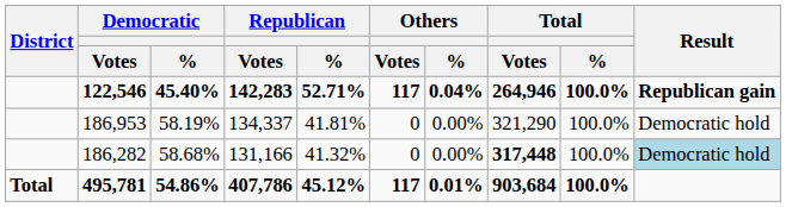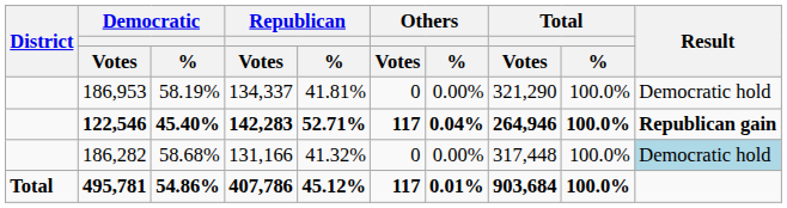 <table class="wikitable plainrowheaders sortable" style="font-size:100%; text-align:right;">
 <tr>
 <th scope=col rowspan=3><a href='#'>District</a></th>
 <th scope=col colspan=2><a href='#'>Democratic</a></th>
 <th scope=col colspan=2><a href='#'>Republican</a></th>
 <th scope=col colspan=2>Others</th>
 <th scope=col colspan=2>Total</th>
 <th scope=col rowspan=3>Result</th>
 </tr>
 <tr>
 <th scope=col colspan=2 style="background:"></th>
 <th scope=col colspan=2 style="background:"></th>
 <th scope=col colspan=2></th>
 <th scope=col colspan=2></th>
 </tr>
 <tr>
 <th scope=col data-sort-type="number">Votes</th>
 <th scope=col data-sort-type="number">%</th>
 <th scope=col data-sort-type="number">Votes</th>
 <th scope=col data-sort-type="number">%</th>
 <th scope=col data-sort-type="number">Votes</th>
 <th scope=col data-sort-type="number">%</th>
 <th scope=col data-sort-type="number">Votes</th>
 <th scope=col data-sort-type="number">%</th>
 </tr>
 <tr>
+<td align=left></td>
+<td>186,953</td>
+<td>58.19%</td>
+<td>134,337</td>
+<td>41.81%</td>
+<td>0</td>
+<td>0.00%</td>
+<td>321,290</td>
+<td>100.0%</td>
+<td align=left>Democratic hold</td>
+</tr>
+<tr>
 <td align=left><strong></strong></td>
 <td><strong>122,546</strong></td>
 <td><strong>45.40%</strong></td>
 <td><strong>142,283</strong></td>
 <td><strong>52.71%</strong></td>
 <td><strong>117</strong></td>
 <td><strong>0.04%</strong></td>
 <td><strong>264,946</strong></td>
 <td><strong>100.0%</strong></td>
 <td align=left><strong>Republican gain</strong></td>
 </tr>
 <tr>
 <td align=left></td>
-<td>186,953</td>
-<td>58.19%</td>
-<td>134,337</td>
-<td>41.81%</td>
-<td>0</td>
-<td>0.00%</td>
-<td>321,290</td>
-<td>100.0%</td>
-<td align=left>Democratic hold</td>
-</tr>
-<tr>
-<td align=left></td>
 <td>186,282</td>
 <td>58.68%</td>
 <td>131,166</td>
 <td>41.32%</td>
 <td>0</td>
 <td>0.00%</td>
-<td><strong>317,448</strong></td>
+<td>317,448</td>
 <td>100.0%</td>
 <td align=left style="background: lightblue;">Democratic hold</td>
 </tr>
 <tr class="sortbottom" style="font-weight:bold">
 <td align=left>Total</td>
 <td>495,781</td>
 <td>54.86%</td>
 <td>407,786</td>
 <td>45.12%</td>
 <td>117</td>
 <td>0.01%</td>
 <td>903,684</td>
 <td>100.0%</td>
 <td></td>
 </tr>
 </table>
